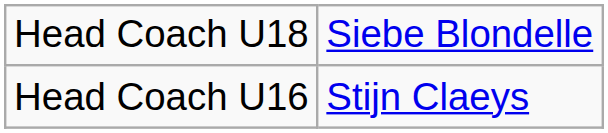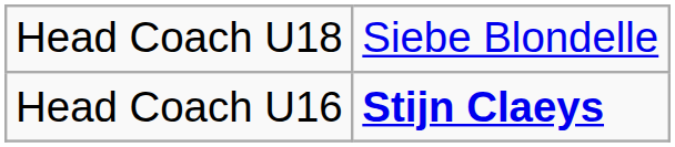 <table class="wikitable">
 <tr>
 <td>Head Coach U18</td>
 <td> <a href='#'>Siebe Blondelle</a></td>
 </tr>
 <tr>
 <td>Head Coach U16</td>
-<td> <a href='#'>Stijn Claeys</a></td>
+<td><strong> <a href='#'>Stijn Claeys</a></strong></td>
 </tr>
 </table>
